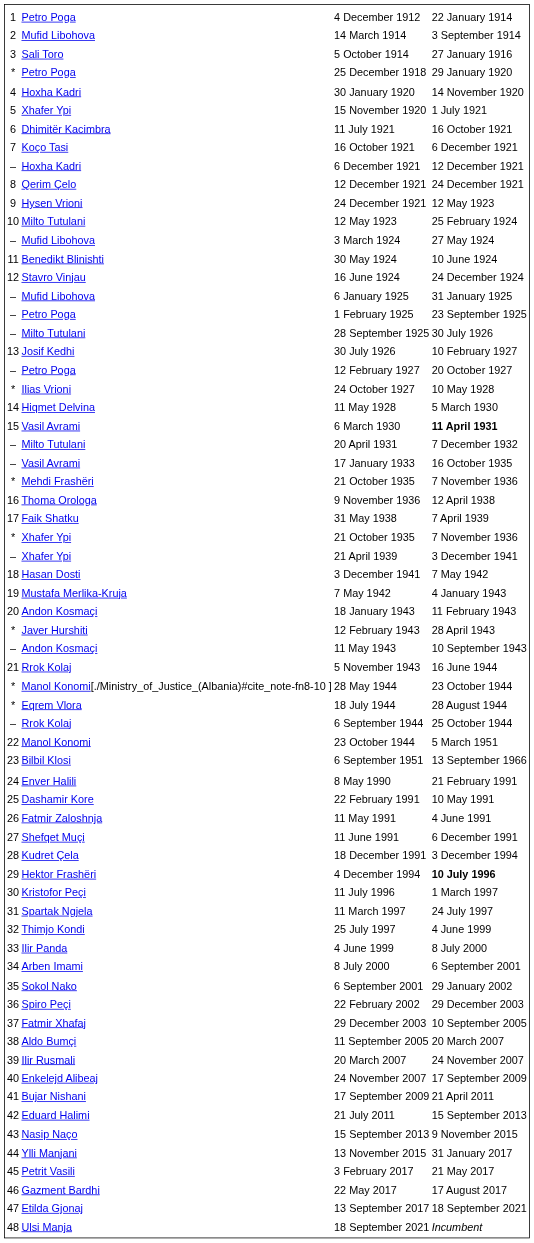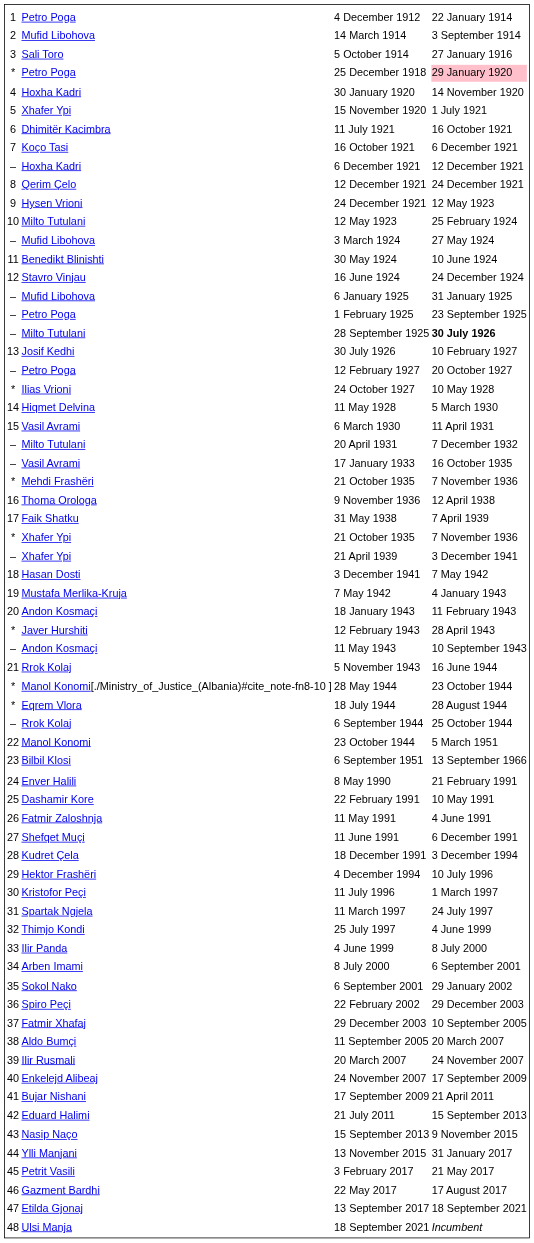 <table cellpadding="0" cellspacing="3" style="border:1px solid #000000; font-size:88%; line-height: 1.5em;">
 <tr>
 <td><strong></strong></td>
 <td><strong></strong></td>
 <td colspan="2"></td>
 </tr>
 <tr>
 <td align="center">1</td>
 <td><a href='#'>Petro Poga</a></td>
 <td>4 December 1912</td>
 <td>22 January 1914</td>
 </tr>
 <tr>
 <td align="center">2</td>
 <td><a href='#'>Mufid Libohova</a></td>
 <td>14 March 1914</td>
 <td>3 September 1914</td>
 </tr>
 <tr>
 <td align="center">3</td>
 <td><a href='#'>Sali Toro</a></td>
 <td>5 October 1914</td>
 <td>27 January 1916</td>
 </tr>
 <tr>
 <td align="center">*</td>
 <td><a href='#'>Petro Poga</a></td>
 <td>25 December 1918</td>
-<td>29 January 1920</td>
+<td style="background: pink;">29 January 1920</td>
 </tr>
 <tr>
 <td align="center">4</td>
 <td><a href='#'>Hoxha Kadri</a></td>
 <td>30 January 1920</td>
 <td>14 November 1920</td>
 </tr>
 <tr>
 <td align="center">5</td>
 <td><a href='#'>Xhafer Ypi</a></td>
 <td>15 November 1920</td>
 <td>1 July 1921</td>
 </tr>
 <tr>
 <td align="center">6</td>
 <td><a href='#'>Dhimitër Kacimbra</a></td>
 <td>11 July 1921</td>
 <td>16 October 1921</td>
 </tr>
 <tr>
 <td align="center">7</td>
 <td><a href='#'>Koço Tasi</a></td>
 <td>16 October 1921</td>
 <td>6 December 1921</td>
 </tr>
 <tr>
 <td align="center">–</td>
 <td><a href='#'>Hoxha Kadri</a></td>
 <td>6 December 1921</td>
 <td>12 December 1921</td>
 </tr>
 <tr>
 <td align="center">8</td>
 <td><a href='#'>Qerim Çelo</a></td>
 <td>12 December 1921</td>
 <td>24 December 1921</td>
 </tr>
 <tr>
 <td align="center">9</td>
 <td><a href='#'>Hysen Vrioni</a></td>
 <td>24 December 1921</td>
 <td>12 May 1923</td>
 </tr>
 <tr>
 <td align="center">10</td>
 <td><a href='#'>Milto Tutulani</a></td>
 <td>12 May 1923</td>
 <td>25 February 1924</td>
 </tr>
 <tr>
 <td align="center">–</td>
 <td><a href='#'>Mufid Libohova</a></td>
 <td>3 March 1924</td>
 <td>27 May 1924</td>
 </tr>
 <tr>
 <td align="center">11</td>
 <td><a href='#'>Benedikt Blinishti</a></td>
 <td>30 May 1924</td>
 <td>10 June 1924</td>
 </tr>
 <tr>
 <td align="center">12</td>
 <td><a href='#'>Stavro Vinjau</a></td>
 <td>16 June 1924</td>
 <td>24 December 1924</td>
 </tr>
 <tr>
 <td align="center">–</td>
 <td><a href='#'>Mufid Libohova</a></td>
 <td>6 January 1925</td>
 <td>31 January 1925</td>
 </tr>
 <tr>
 <td align="center">–</td>
 <td><a href='#'>Petro Poga</a></td>
 <td>1 February 1925</td>
 <td>23 September 1925</td>
 </tr>
 <tr>
 <td align="center">–</td>
 <td><a href='#'>Milto Tutulani</a></td>
 <td>28 September 1925</td>
-<td>30 July 1926</td>
+<td><strong>30 July 1926</strong></td>
 </tr>
 <tr>
 <td align="center">13</td>
 <td><a href='#'>Josif Kedhi</a></td>
 <td>30 July 1926</td>
 <td>10 February 1927</td>
 </tr>
 <tr>
 <td align="center">–</td>
 <td><a href='#'>Petro Poga</a></td>
 <td>12 February 1927</td>
 <td>20 October 1927</td>
 </tr>
 <tr>
 <td align="center">*</td>
 <td><a href='#'>Ilias Vrioni</a></td>
 <td>24 October 1927</td>
 <td>10 May 1928</td>
 </tr>
 <tr>
 <td align="center">14</td>
 <td><a href='#'>Hiqmet Delvina</a></td>
 <td>11 May 1928</td>
 <td>5 March 1930</td>
 </tr>
 <tr>
 <td align="center">15</td>
 <td><a href='#'>Vasil Avrami</a></td>
 <td>6 March 1930</td>
-<td><strong>11 April 1931</strong></td>
+<td>11 April 1931</td>
 </tr>
 <tr>
 <td align="center">–</td>
 <td><a href='#'>Milto Tutulani</a></td>
 <td>20 April 1931</td>
 <td>7 December 1932</td>
 </tr>
 <tr>
 <td align="center">–</td>
 <td><a href='#'>Vasil Avrami</a></td>
 <td>17 January 1933</td>
 <td>16 October 1935</td>
 </tr>
 <tr>
 <td align="center">*</td>
 <td><a href='#'>Mehdi Frashëri</a></td>
 <td>21 October 1935</td>
 <td>7 November 1936</td>
 </tr>
 <tr>
 <td align="center">16</td>
 <td><a href='#'>Thoma Orologa</a></td>
 <td>9 November 1936</td>
 <td>12 April 1938</td>
 </tr>
 <tr>
 <td align="center">17</td>
 <td><a href='#'>Faik Shatku</a></td>
 <td>31 May 1938</td>
 <td>7 April 1939</td>
 </tr>
 <tr>
 <td align="center">*</td>
 <td><a href='#'>Xhafer Ypi</a></td>
 <td>21 October 1935</td>
 <td>7 November 1936</td>
 </tr>
 <tr>
 <td align="center">–</td>
 <td><a href='#'>Xhafer Ypi</a></td>
 <td>21 April 1939</td>
 <td>3 December 1941</td>
 </tr>
 <tr>
 <td align="center">18</td>
 <td><a href='#'>Hasan Dosti</a></td>
 <td>3 December 1941</td>
 <td>7 May 1942</td>
 </tr>
 <tr>
 <td align="center">19</td>
 <td><a href='#'>Mustafa Merlika-Kruja</a></td>
 <td>7 May 1942</td>
 <td>4 January 1943</td>
 </tr>
 <tr>
 <td align="center">20</td>
 <td><a href='#'>Andon Kosmaçi</a></td>
 <td>18 January 1943</td>
 <td>11 February 1943</td>
 </tr>
 <tr>
 <td align="center">*</td>
 <td><a href='#'>Javer Hurshiti</a></td>
 <td>12 February 1943</td>
 <td>28 April 1943</td>
 </tr>
 <tr>
 <td align="center">–</td>
 <td><a href='#'>Andon Kosmaçi</a></td>
 <td>11 May 1943</td>
 <td>10 September 1943</td>
 </tr>
 <tr>
 <td align="center">21</td>
 <td><a href='#'>Rrok Kolaj</a></td>
 <td>5 November 1943</td>
 <td>16 June 1944</td>
 </tr>
 <tr>
 <td align="center">*</td>
 <td><a href='#'>Manol Konomi</a>[./Ministry_of_Justice_(Albania)#cite_note-fn8-10 <span></span>]</td>
 <td>28 May 1944</td>
 <td>23 October 1944</td>
 </tr>
 <tr>
 <td align="center">*</td>
 <td><a href='#'>Eqrem Vlora</a></td>
 <td>18 July 1944</td>
 <td>28 August 1944</td>
 </tr>
 <tr>
 <td align="center">–</td>
 <td><a href='#'>Rrok Kolaj</a></td>
 <td>6 September 1944</td>
 <td>25 October 1944</td>
 </tr>
 <tr>
 <td align="center">22</td>
 <td><a href='#'>Manol Konomi</a></td>
 <td>23 October 1944</td>
 <td>5 March 1951</td>
 </tr>
 <tr>
 <td align="center">23</td>
 <td><a href='#'>Bilbil Klosi</a></td>
 <td>6 September 1951</td>
 <td>13 September 1966</td>
 </tr>
 <tr>
 <td colspan="8" align=center></td>
 </tr>
 <tr>
 <td align="center">24</td>
 <td><a href='#'>Enver Halili</a></td>
 <td>8 May 1990</td>
 <td>21 February 1991</td>
 </tr>
 <tr>
 <td align="center">25</td>
 <td><a href='#'>Dashamir Kore</a></td>
 <td>22 February 1991</td>
 <td>10 May 1991</td>
 </tr>
 <tr>
 <td align="center">26</td>
 <td><a href='#'>Fatmir Zaloshnja</a></td>
 <td>11 May 1991</td>
 <td>4 June 1991</td>
 </tr>
 <tr>
 <td align="center">27</td>
 <td><a href='#'>Shefqet Muçi</a></td>
 <td>11 June 1991</td>
 <td>6 December 1991</td>
 </tr>
 <tr>
 <td align="center">28</td>
 <td><a href='#'>Kudret Çela</a></td>
 <td>18 December 1991</td>
 <td>3 December 1994</td>
 </tr>
 <tr>
 <td align="center">29</td>
 <td><a href='#'>Hektor Frashëri</a></td>
 <td>4 December 1994</td>
-<td><strong>10 July 1996</strong></td>
+<td>10 July 1996</td>
 </tr>
 <tr>
 <td align="center">30</td>
 <td><a href='#'>Kristofor Peçi</a></td>
 <td>11 July 1996</td>
 <td>1 March 1997</td>
 </tr>
 <tr>
 <td align="center">31</td>
 <td><a href='#'>Spartak Ngjela</a></td>
 <td>11 March 1997</td>
 <td>24 July 1997</td>
 </tr>
 <tr>
 <td align="center">32</td>
 <td><a href='#'>Thimjo Kondi</a></td>
 <td>25 July 1997</td>
 <td>4 June 1999</td>
 </tr>
 <tr>
 <td align="center">33</td>
 <td><a href='#'>Ilir Panda</a></td>
 <td>4 June 1999</td>
 <td>8 July 2000</td>
 </tr>
 <tr>
 <td align="center">34</td>
 <td><a href='#'>Arben Imami</a></td>
 <td>8 July 2000</td>
 <td>6 September 2001</td>
 </tr>
 <tr>
 <td align="center">35</td>
 <td><a href='#'>Sokol Nako</a></td>
 <td>6 September 2001</td>
 <td>29 January 2002</td>
 </tr>
 <tr>
 <td align="center">36</td>
 <td><a href='#'>Spiro Peçi</a></td>
 <td>22 February 2002</td>
 <td>29 December 2003</td>
 </tr>
 <tr>
 <td align="center">37</td>
 <td><a href='#'>Fatmir Xhafaj</a></td>
 <td>29 December 2003</td>
 <td>10 September 2005</td>
 </tr>
 <tr>
 <td align="center">38</td>
 <td><a href='#'>Aldo Bumçi</a></td>
 <td>11 September 2005</td>
 <td>20 March 2007</td>
 </tr>
 <tr>
 <td align="center">39</td>
 <td><a href='#'>Ilir Rusmali</a></td>
 <td>20 March 2007</td>
 <td>24 November 2007</td>
 </tr>
 <tr>
 <td align="center">40</td>
 <td><a href='#'>Enkelejd Alibeaj</a></td>
 <td>24 November 2007</td>
 <td>17 September 2009</td>
 </tr>
 <tr>
 <td align="center">41</td>
 <td><a href='#'>Bujar Nishani</a></td>
 <td>17 September 2009</td>
 <td>21 April 2011</td>
 </tr>
 <tr>
 <td align="center">42</td>
 <td><a href='#'>Eduard Halimi</a></td>
 <td>21 July 2011</td>
 <td>15 September 2013</td>
 </tr>
 <tr>
 <td align="center">43</td>
 <td><a href='#'>Nasip Naço</a></td>
 <td>15 September 2013</td>
 <td>9 November 2015</td>
 </tr>
 <tr>
 <td align="center">44</td>
 <td><a href='#'>Ylli Manjani</a></td>
 <td>13 November 2015</td>
 <td>31 January 2017</td>
 </tr>
 <tr>
 <td align="center">45</td>
 <td><a href='#'>Petrit Vasili</a></td>
 <td>3 February 2017</td>
 <td>21 May 2017</td>
 </tr>
 <tr>
 <td align="center">46</td>
 <td><a href='#'>Gazment Bardhi</a></td>
 <td>22 May 2017</td>
 <td>17 August 2017</td>
 </tr>
 <tr>
 <td align="center">47</td>
 <td><a href='#'>Etilda Gjonaj</a></td>
 <td>13 September 2017</td>
 <td>18 September 2021</td>
 </tr>
 <tr>
 <td align="center">48</td>
 <td><a href='#'>Ulsi Manja</a></td>
 <td>18 September 2021</td>
 <td><em>Incumbent</em></td>
 </tr>
 </table>
